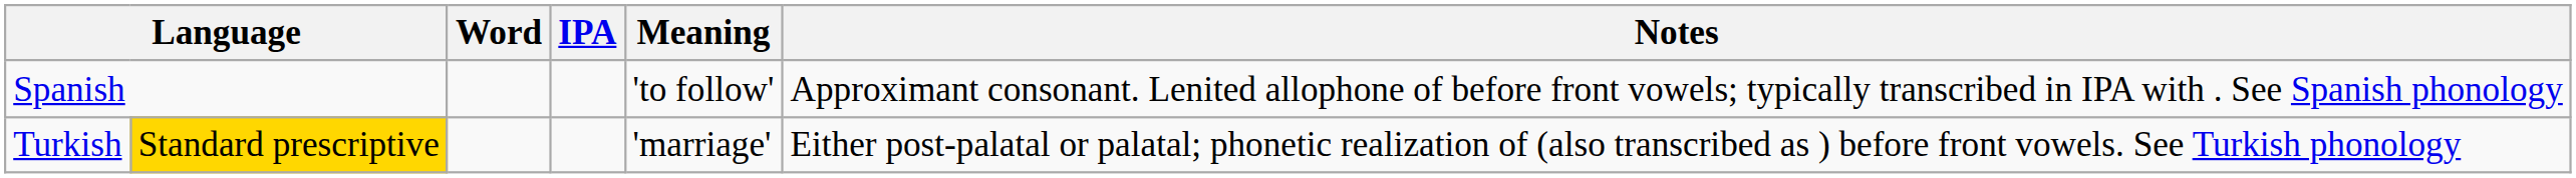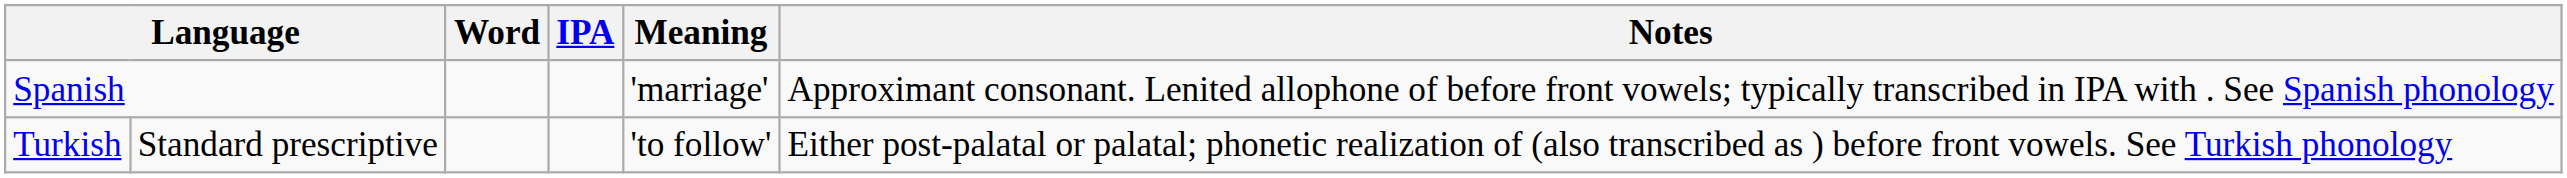 <table class="wikitable">
 <tr>
 <th colspan="2">Language</th>
 <th>Word</th>
 <th><a href='#'>IPA</a></th>
 <th>Meaning</th>
 <th>Notes</th>
 </tr>
 <tr>
 <td colspan="2"><a href='#'>Spanish</a></td>
 <td></td>
 <td></td>
-<td>'to follow'</td>
+<td>'marriage'</td>
 <td>Approximant consonant. Lenited allophone of  before front vowels; typically transcribed in IPA with . See <a href='#'>Spanish phonology</a></td>
 </tr>
 <tr>
 <td><a href='#'>Turkish</a></td>
-<td style="background: gold;">Standard prescriptive</td>
+<td>Standard prescriptive</td>
 <td></td>
 <td></td>
-<td>'marriage'</td>
+<td>'to follow'</td>
 <td>Either post-palatal or palatal; phonetic realization of  (also transcribed as ) before front vowels. See <a href='#'>Turkish phonology</a></td>
 </tr>
 </table>
